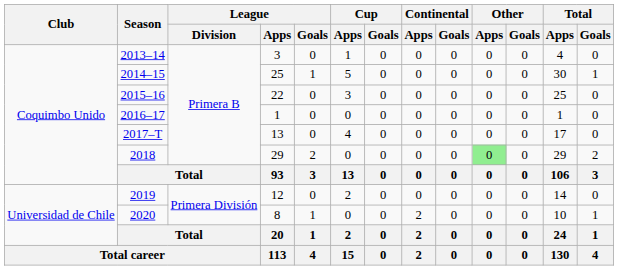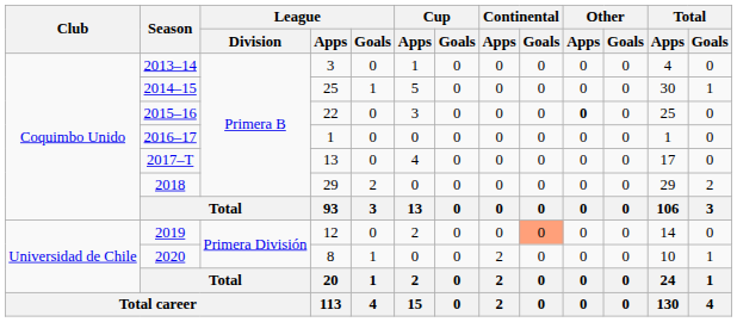 <table class="wikitable" style="text-align: center">
 <tr>
 <th rowspan="2">Club</th>
 <th rowspan="2">Season</th>
 <th colspan="3">League</th>
 <th colspan="2">Cup</th>
 <th colspan="2">Continental</th>
 <th colspan="2">Other</th>
 <th colspan="2">Total</th>
 </tr>
 <tr>
 <th>Division</th>
 <th>Apps</th>
 <th>Goals</th>
 <th>Apps</th>
 <th>Goals</th>
 <th>Apps</th>
 <th>Goals</th>
 <th>Apps</th>
 <th>Goals</th>
 <th>Apps</th>
 <th>Goals</th>
 </tr>
 <tr>
 <td rowspan="7"><a href='#'>Coquimbo Unido</a></td>
 <td><a href='#'>2013–14</a></td>
 <td rowspan="6"><a href='#'>Primera B</a></td>
 <td>3</td>
 <td>0</td>
 <td>1</td>
 <td>0</td>
 <td>0</td>
 <td>0</td>
 <td>0</td>
 <td>0</td>
 <td>4</td>
 <td>0</td>
 </tr>
 <tr>
 <td><a href='#'>2014–15</a></td>
 <td>25</td>
 <td>1</td>
 <td>5</td>
 <td>0</td>
 <td>0</td>
 <td>0</td>
 <td>0</td>
 <td>0</td>
 <td>30</td>
 <td>1</td>
 </tr>
 <tr>
 <td><a href='#'>2015–16</a></td>
 <td>22</td>
 <td>0</td>
 <td>3</td>
 <td>0</td>
 <td>0</td>
 <td>0</td>
-<td>0</td>
+<td><strong>0</strong></td>
 <td>0</td>
 <td>25</td>
 <td>0</td>
 </tr>
 <tr>
 <td><a href='#'>2016–17</a></td>
 <td>1</td>
 <td>0</td>
 <td>0</td>
 <td>0</td>
 <td>0</td>
 <td>0</td>
 <td>0</td>
 <td>0</td>
 <td>1</td>
 <td>0</td>
 </tr>
 <tr>
 <td><a href='#'>2017–T</a></td>
 <td>13</td>
 <td>0</td>
 <td>4</td>
 <td>0</td>
 <td>0</td>
 <td>0</td>
 <td>0</td>
 <td>0</td>
 <td>17</td>
 <td>0</td>
 </tr>
 <tr>
 <td><a href='#'>2018</a></td>
 <td>29</td>
 <td>2</td>
 <td>0</td>
 <td>0</td>
 <td>0</td>
 <td>0</td>
-<td style="background: lightgreen;">0</td>
+<td>0</td>
 <td>0</td>
 <td>29</td>
 <td>2</td>
 </tr>
 <tr>
 <th colspan="2"><strong>Total</strong></th>
 <th>93</th>
 <th>3</th>
 <th>13</th>
 <th>0</th>
 <th>0</th>
 <th>0</th>
 <th>0</th>
 <th>0</th>
 <th>106</th>
 <th>3</th>
 </tr>
 <tr>
 <td rowspan="3"><a href='#'>Universidad de Chile</a></td>
 <td><a href='#'>2019</a></td>
 <td rowspan="2"><a href='#'>Primera División</a></td>
 <td>12</td>
 <td>0</td>
 <td>2</td>
 <td>0</td>
 <td>0</td>
-<td>0</td>
+<td style="background: lightsalmon;">0</td>
 <td>0</td>
 <td>0</td>
 <td>14</td>
 <td>0</td>
 </tr>
 <tr>
 <td><a href='#'>2020</a></td>
 <td>8</td>
 <td>1</td>
 <td>0</td>
 <td>0</td>
 <td>2</td>
 <td>0</td>
 <td>0</td>
 <td>0</td>
 <td>10</td>
 <td>1</td>
 </tr>
 <tr>
 <th colspan="2"><strong>Total</strong></th>
 <th>20</th>
 <th>1</th>
 <th>2</th>
 <th>0</th>
 <th>2</th>
 <th>0</th>
 <th>0</th>
 <th>0</th>
 <th>24</th>
 <th>1</th>
 </tr>
 <tr>
 <th colspan="3"><strong>Total career</strong></th>
 <th>113</th>
 <th>4</th>
 <th>15</th>
 <th>0</th>
 <th>2</th>
 <th>0</th>
 <th>0</th>
 <th>0</th>
 <th>130</th>
 <th>4</th>
 </tr>
 </table>
